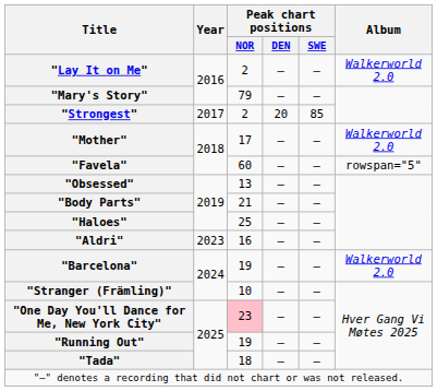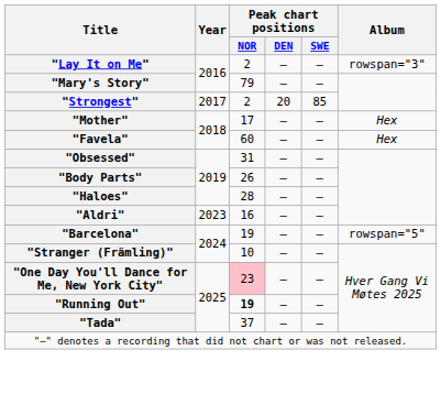 <table class="wikitable plainrowheaders" style="text-align:center;">
 <tr>
 <th scope="col" rowspan="2" style="width:16em;">Title</th>
 <th scope="col" rowspan="2" style="width:1em;">Year</th>
 <th scope="col" colspan="3">Peak chart positions</th>
 <th scope="col" rowspan="2" style="width:8em;">Album</th>
 </tr>
 <tr>
 <th scope="col" style="width:3em;font-size:90%;"><a href='#'>NOR</a><br></th>
 <th scope="col" style="width:3em;font-size:90%;"><a href='#'>DEN</a><br></th>
 <th scope="col" style="width:3em;font-size:90%;"><a href='#'>SWE</a><br></th>
 </tr>
 <tr>
 <th scope="row">"<a href='#'>Lay It on Me</a>" <br></th>
 <td rowspan="2">2016</td>
 <td>2</td>
 <td>—</td>
 <td>—</td>
-<td><em><a href='#'>Walkerworld 2.0</a></em></td>
+<td>rowspan="3" </td>
 </tr>
 <tr>
 <th scope="row">"Mary's Story"</th>
 <td>79</td>
 <td>—</td>
 <td>—</td>
 </tr>
 <tr>
 <th scope="row">"<a href='#'>Strongest</a>"</th>
 <td>2017</td>
 <td>2</td>
 <td>20</td>
 <td>85</td>
 </tr>
 <tr>
 <th scope="row">"Mother"</th>
 <td rowspan="2">2018</td>
 <td>17<br></td>
 <td>—</td>
 <td>—</td>
-<td><em><a href='#'>Walkerworld 2.0</a></em></td>
+<td><em>Hex</em></td>
 </tr>
 <tr>
 <th scope="row">"Favela"<br></th>
 <td>60<br></td>
 <td>—</td>
 <td>—</td>
-<td>rowspan="5" </td>
+<td><em>Hex</em></td>
 </tr>
 <tr>
 <th scope="row">"Obsessed"<br></th>
 <td rowspan="3">2019</td>
-<td>13<br></td>
+<td>31<br></td>
 <td>—</td>
 <td>—</td>
 </tr>
 <tr>
 <th scope="row">"Body Parts"</th>
-<td>21<br></td>
+<td>26<br></td>
 <td>—</td>
 <td>—</td>
 </tr>
 <tr>
 <th scope="row">"Haloes"</th>
-<td>25<br></td>
+<td>28<br></td>
 <td>—</td>
 <td>—</td>
 </tr>
 <tr>
 <th scope="row">"Aldri"<br></th>
 <td>2023</td>
 <td>16<br></td>
 <td>—</td>
 <td>—</td>
 </tr>
 <tr>
 <th scope="row">"Barcelona"<br></th>
 <td rowspan="2">2024</td>
 <td>19<br></td>
 <td>—</td>
 <td>—</td>
-<td><em><a href='#'>Walkerworld 2.0</a></em></td>
+<td>rowspan="5" </td>
 </tr>
 <tr>
 <th scope="row">"Stranger (Främling)"</th>
 <td>10<br></td>
 <td>—</td>
 <td>—</td>
 <td rowspan="4"><em>Hver Gang Vi Møtes 2025</em></td>
 </tr>
 <tr>
 <th scope="row">"One Day You'll Dance for Me, New York City"</th>
 <td rowspan="3">2025</td>
 <td style="background: pink;">23<br></td>
 <td>—</td>
 <td>—</td>
 </tr>
 <tr>
 <th scope="row">"Running Out"</th>
-<td>19<br></td>
+<td><strong>19<br></strong></td>
 <td>—</td>
 <td>—</td>
 </tr>
 <tr>
 <th scope="row">"Tada"</th>
-<td>18<br></td>
+<td>37<br></td>
 <td>—</td>
 <td>—</td>
 </tr>
 <tr>
 <td colspan="6" style="font-size:85%">"—" denotes a recording that did not chart or was not released.</td>
 </tr>
 </table>
